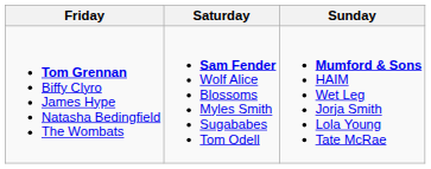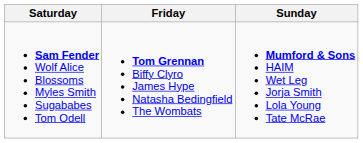 <table class="wikitable">
 <tr>
+<th>Saturday</th>
 <th>Friday</th>
-<th>Saturday</th>
 <th>Sunday</th>
 </tr>
 <tr>
+<td><br><ul><li><strong><a href='#'>Sam Fender</a></strong></li><li><a href='#'>Wolf Alice</a></li><li><a href='#'>Blossoms</a></li><li><a href='#'>Myles Smith</a></li><li><a href='#'>Sugababes</a></li><li><a href='#'>Tom Odell</a></li></ul></td>
 <td><br><ul><li><strong><a href='#'>Tom Grennan</a></strong></li><li><a href='#'>Biffy Clyro</a></li><li><a href='#'>James Hype</a></li><li><a href='#'>Natasha Bedingfield</a></li><li><a href='#'>The Wombats</a></li></ul></td>
-<td><br><ul><li><strong><a href='#'>Sam Fender</a></strong></li><li><a href='#'>Wolf Alice</a></li><li><a href='#'>Blossoms</a></li><li><a href='#'>Myles Smith</a></li><li><a href='#'>Sugababes</a></li><li><a href='#'>Tom Odell</a></li></ul></td>
 <td><br><ul><li><strong><a href='#'>Mumford & Sons</a></strong></li><li><a href='#'>HAIM</a></li><li><a href='#'>Wet Leg</a></li><li><a href='#'>Jorja Smith</a></li><li><a href='#'>Lola Young</a></li><li><a href='#'>Tate McRae</a></li></ul></td>
 </tr>
 </table>
